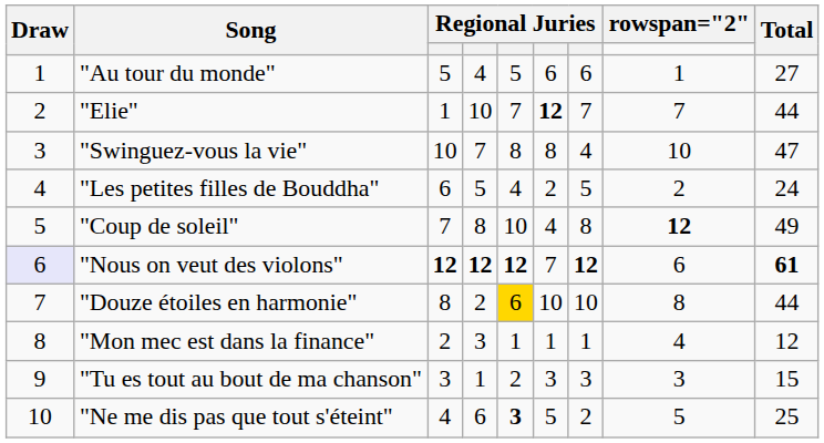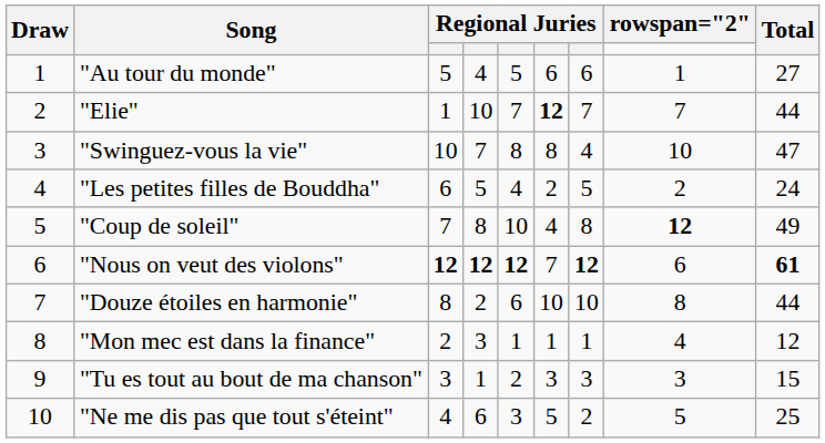 <table class="wikitable plainrowheaders" style="margin: 1em auto 1em auto; text-align:center;">
 <tr>
 <th rowspan="2">Draw</th>
 <th rowspan="2">Song</th>
 <th colspan="5">Regional Juries</th>
 <th>rowspan="2" </th>
 <th rowspan="2">Total</th>
 </tr>
 <tr>
 <th></th>
 <th></th>
 <th></th>
 <th></th>
 <th></th>
 </tr>
 <tr --->
 <td>1</td>
 <td align="left">"Au tour du monde"</td>
 <td>5</td>
 <td>4</td>
 <td>5</td>
 <td>6</td>
 <td>6</td>
 <td>1</td>
 <td>27</td>
 </tr>
 <tr --->
 <td>2</td>
 <td align="left">"Elie"</td>
 <td>1</td>
 <td>10</td>
 <td>7</td>
 <td><strong>12</strong></td>
 <td>7</td>
 <td>7</td>
 <td>44</td>
 </tr>
 <tr --->
 <td>3</td>
 <td align="left">"Swinguez-vous la vie"</td>
 <td>10</td>
 <td>7</td>
 <td>8</td>
 <td>8</td>
 <td>4</td>
 <td>10</td>
 <td>47</td>
 </tr>
 <tr --->
 <td>4</td>
 <td align="left">"Les petites filles de Bouddha"</td>
 <td>6</td>
 <td>5</td>
 <td>4</td>
 <td>2</td>
 <td>5</td>
 <td>2</td>
 <td>24</td>
 </tr>
 <tr --->
 <td>5</td>
 <td align="left">"Coup de soleil"</td>
 <td>7</td>
 <td>8</td>
 <td>10</td>
 <td>4</td>
 <td>8</td>
 <td><strong>12</strong></td>
 <td>49</td>
 </tr>
 <tr --->
-<td style="background: lavender;">6</td>
+<td>6</td>
 <td align="left">"Nous on veut des violons"</td>
 <td><strong>12</strong></td>
 <td><strong>12</strong></td>
 <td><strong>12</strong></td>
 <td>7</td>
 <td><strong>12</strong></td>
 <td>6</td>
 <td><strong>61</strong></td>
 </tr>
 <tr --->
 <td>7</td>
 <td align="left">"Douze étoiles en harmonie"</td>
 <td>8</td>
 <td>2</td>
-<td style="background: gold;">6</td>
+<td>6</td>
 <td>10</td>
 <td>10</td>
 <td>8</td>
 <td>44</td>
 </tr>
 <tr --->
 <td>8</td>
 <td align="left">"Mon mec est dans la finance"</td>
 <td>2</td>
 <td>3</td>
 <td>1</td>
 <td>1</td>
 <td>1</td>
 <td>4</td>
 <td>12</td>
 </tr>
 <tr --->
 <td>9</td>
 <td align="left">"Tu es tout au bout de ma chanson"</td>
 <td>3</td>
 <td>1</td>
 <td>2</td>
 <td>3</td>
 <td>3</td>
 <td>3</td>
 <td>15</td>
 </tr>
 <tr --->
 <td>10</td>
 <td align="left">"Ne me dis pas que tout s'éteint"</td>
 <td>4</td>
 <td>6</td>
-<td><strong>3</strong></td>
+<td>3</td>
 <td>5</td>
 <td>2</td>
 <td>5</td>
 <td>25</td>
 </tr>
 </table>
